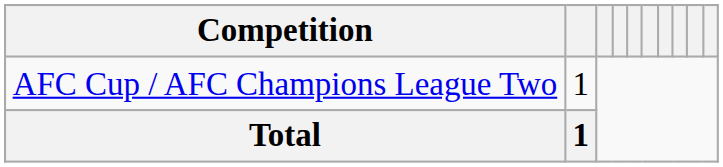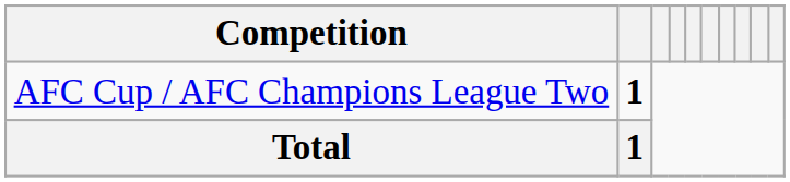 <table class="wikitable" style="text-align: center;">
 <tr>
 <th scope="col">Competition</th>
 <th></th>
 <th></th>
 <th></th>
 <th></th>
 <th></th>
 <th></th>
 <th></th>
 <th></th>
 <th></th>
 </tr>
 <tr>
 <td><a href='#'>AFC Cup / AFC Champions League Two</a></td>
-<td>1<br></td>
+<td><strong>1<br></strong></td>
 </tr>
 <tr>
 <th scope="row"><strong>Total</strong></th>
 <th>1<br></th>
 </tr>
 </table>
